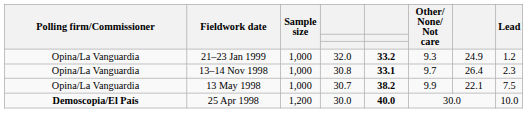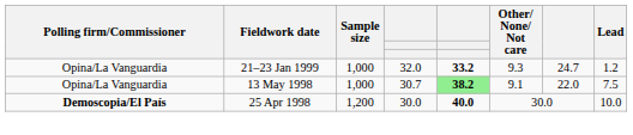 <table class="wikitable collapsible" style="text-align:center; font-size:90%; line-height:14px;">
 <tr style="height:42px; background-color:#E9E9E9">
 <th style="width:250px;" rowspan="3">Polling firm/Commissioner</th>
 <th style="width:125px;" rowspan="3">Fieldwork date</th>
 <th style="width:50px;" rowspan="3">Sample size</th>
 <th style="width:55px;"></th>
 <th style="width:55px;"></th>
 <th style="width:55px;" rowspan="3">Other/<br>None/<br>Not<br>care</th>
 <th style="width:55px;" rowspan="3"></th>
 <th style="width:30px;" rowspan="3">Lead</th>
 </tr>
 <tr>
 <th style="color:inherit;background:"></th>
 <th style="color:inherit;background:"></th>
 </tr>
 <tr>
 <th></th>
 <th></th>
 </tr>
 <tr>
 <td>Opina/La Vanguardia</td>
 <td>21–23 Jan 1999</td>
 <td>1,000</td>
 <td>32.0</td>
 <td><strong>33.2</strong></td>
 <td>9.3</td>
-<td>24.9</td>
+<td>24.7</td>
 <td style="background:">1.2</td>
-</tr>
-<tr>
-<td>Opina/La Vanguardia</td>
-<td>13–14 Nov 1998</td>
-<td>1,000</td>
-<td>30.8</td>
-<td><strong>33.1</strong></td>
-<td>9.7</td>
-<td>26.4</td>
-<td style="background:">2.3</td>
 </tr>
 <tr>
 <td>Opina/La Vanguardia</td>
 <td>13 May 1998</td>
 <td>1,000</td>
 <td>30.7</td>
-<td><strong>38.2</strong></td>
-<td>9.9</td>
-<td>22.1</td>
+<td style="background: lightgreen;"><strong>38.2</strong></td>
+<td>9.1</td>
+<td>22.0</td>
 <td style="background:">7.5</td>
 </tr>
 <tr>
 <td><strong>Demoscopia/El País</strong></td>
 <td>25 Apr 1998</td>
 <td>1,200</td>
 <td>30.0</td>
 <td><strong>40.0</strong></td>
 <td colspan="2">30.0</td>
 <td style="background:">10.0</td>
 </tr>
 </table>
